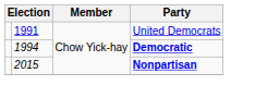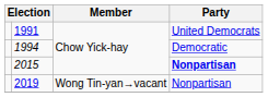 <table class="wikitable">
 <tr>
 <th colspan="2">Election</th>
 <th>Member</th>
 <th>Party</th>
 </tr>
 <tr>
 <td style="color:inherit;background:"></td>
 <td><a href='#'>1991</a></td>
 <td rowspan=3>Chow Yick-hay</td>
 <td><a href='#'>United Democrats</a></td>
 </tr>
 <tr>
 <td style="color:inherit;background:"></td>
 <td><em>1994</em></td>
-<td><strong><a href='#'>Democratic</a></strong></td>
+<td><a href='#'>Democratic</a></td>
 </tr>
 <tr>
 <td style="color:inherit;background:"></td>
 <td><em>2015</em></td>
 <td><strong><a href='#'>Nonpartisan</a></strong></td>
 </tr>
 <tr>
+<td style="color:inherit;background:"></td>
+<td><a href='#'>2019</a></td>
+<td>Wong Tin-yan→vacant</td>
+<td><a href='#'>Nonpartisan</a></td>
+</tr>
+<tr>
 </tr>
 </table>
